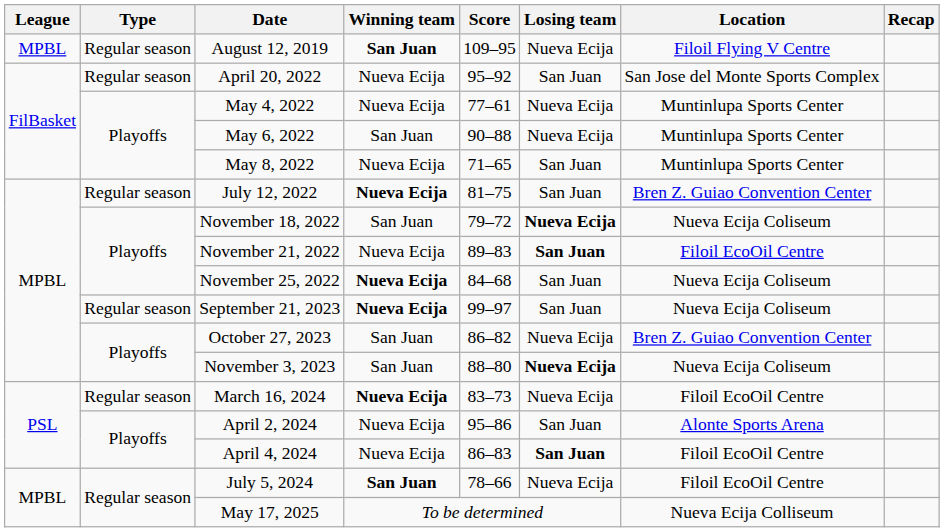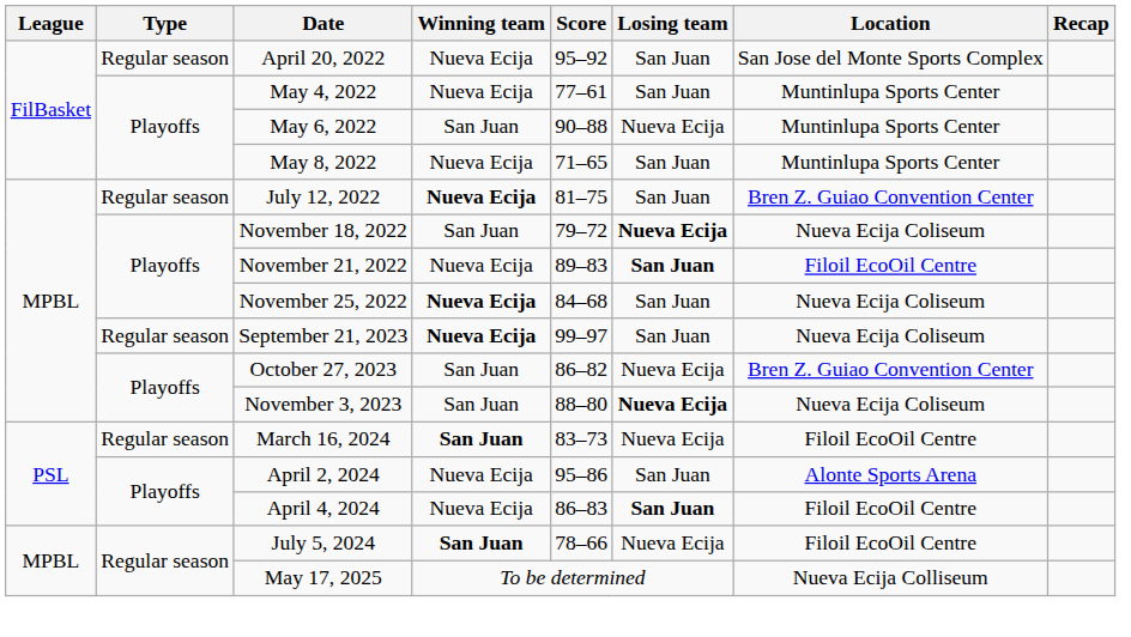 <table class="wikitable sortable" style="text-align:center; font-size:90%">
 <tr>
 <th>League</th>
 <th>Type</th>
 <th>Date</th>
 <th>Winning team</th>
 <th>Score</th>
 <th>Losing team</th>
 <th>Location</th>
 <th class="unsortable">Recap<br></th>
-</tr>
-<tr>
-<td><a href='#'>MPBL</a></td>
-<td>Regular season</td>
-<td>August 12, 2019</td>
-<td><strong>San Juan</strong></td>
-<td>109–95</td>
-<td>Nueva Ecija</td>
-<td><a href='#'>Filoil Flying V Centre</a></td>
-<td><br></td>
 </tr>
 <tr>
 <td rowspan=4><a href='#'>FilBasket</a></td>
 <td>Regular season</td>
 <td>April 20, 2022</td>
 <td>Nueva Ecija</td>
 <td>95–92</td>
 <td>San Juan</td>
 <td>San Jose del Monte Sports Complex</td>
 <td></td>
 </tr>
 <tr>
 <td rowspan=3>Playoffs</td>
 <td>May 4, 2022</td>
 <td>Nueva Ecija</td>
 <td>77–61</td>
-<td>Nueva Ecija</td>
+<td>San Juan</td>
 <td>Muntinlupa Sports Center</td>
 <td></td>
 </tr>
 <tr>
 <td>May 6, 2022</td>
 <td>San Juan</td>
 <td>90–88</td>
 <td>Nueva Ecija</td>
 <td>Muntinlupa Sports Center</td>
 <td></td>
 </tr>
 <tr>
 <td>May 8, 2022</td>
 <td>Nueva Ecija</td>
 <td>71–65</td>
 <td>San Juan</td>
 <td>Muntinlupa Sports Center</td>
 <td><br></td>
 </tr>
 <tr>
 <td rowspan=7>MPBL</td>
 <td>Regular season</td>
 <td>July 12, 2022</td>
 <td><strong>Nueva Ecija</strong></td>
 <td>81–75</td>
 <td>San Juan</td>
 <td><a href='#'>Bren Z. Guiao Convention Center</a></td>
 <td></td>
 </tr>
 <tr>
 <td rowspan=3>Playoffs</td>
 <td>November 18, 2022</td>
 <td>San Juan</td>
 <td>79–72</td>
 <td><strong>Nueva Ecija</strong></td>
 <td>Nueva Ecija Coliseum</td>
 <td></td>
 </tr>
 <tr>
 <td>November 21, 2022</td>
 <td>Nueva Ecija</td>
 <td>89–83</td>
 <td><strong>San Juan</strong></td>
 <td><a href='#'>Filoil EcoOil Centre</a></td>
 <td></td>
 </tr>
 <tr>
 <td>November 25, 2022</td>
 <td><strong>Nueva Ecija</strong></td>
 <td>84–68</td>
 <td>San Juan</td>
 <td>Nueva Ecija Coliseum</td>
 <td><br></td>
 </tr>
 <tr>
 <td>Regular season</td>
 <td>September 21, 2023</td>
 <td><strong>Nueva Ecija</strong></td>
 <td>99–97</td>
 <td>San Juan</td>
 <td>Nueva Ecija Coliseum</td>
 <td></td>
 </tr>
 <tr>
 <td rowspan=2>Playoffs</td>
 <td>October 27, 2023</td>
 <td>San Juan</td>
 <td>86–82</td>
 <td>Nueva Ecija</td>
 <td><a href='#'>Bren Z. Guiao Convention Center</a></td>
 <td></td>
 </tr>
 <tr>
 <td>November 3, 2023</td>
 <td>San Juan</td>
 <td>88–80</td>
 <td><strong>Nueva Ecija</strong></td>
 <td>Nueva Ecija Coliseum</td>
 <td><br></td>
 </tr>
 <tr>
 <td rowspan=3><a href='#'>PSL</a></td>
 <td>Regular season</td>
 <td>March 16, 2024</td>
-<td><strong>Nueva Ecija</strong></td>
+<td><strong>San Juan</strong></td>
 <td>83–73</td>
 <td>Nueva Ecija</td>
 <td>Filoil EcoOil Centre</td>
 <td></td>
 </tr>
 <tr>
 <td rowspan=2>Playoffs</td>
 <td>April 2, 2024</td>
 <td>Nueva Ecija</td>
 <td>95–86</td>
 <td>San Juan</td>
 <td><a href='#'>Alonte Sports Arena</a></td>
 <td></td>
 </tr>
 <tr>
 <td>April 4, 2024</td>
 <td>Nueva Ecija</td>
 <td>86–83</td>
 <td><strong>San Juan</strong></td>
 <td>Filoil EcoOil Centre</td>
 <td><br></td>
 </tr>
 <tr>
 <td rowspan=2>MPBL</td>
 <td rowspan=2>Regular season</td>
 <td>July 5, 2024</td>
 <td><strong>San Juan</strong></td>
 <td>78–66</td>
 <td>Nueva Ecija</td>
 <td>Filoil EcoOil Centre</td>
 <td><br></td>
 </tr>
 <tr>
 <td>May 17, 2025</td>
 <td colspan=3><em>To be determined</em></td>
 <td>Nueva Ecija Colliseum</td>
 <td></td>
 </tr>
 </table>
